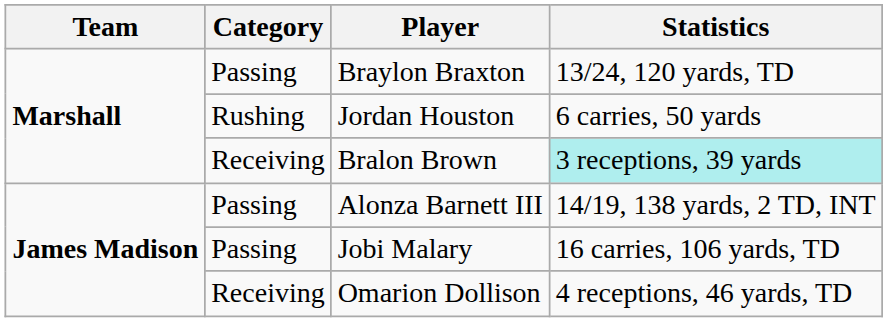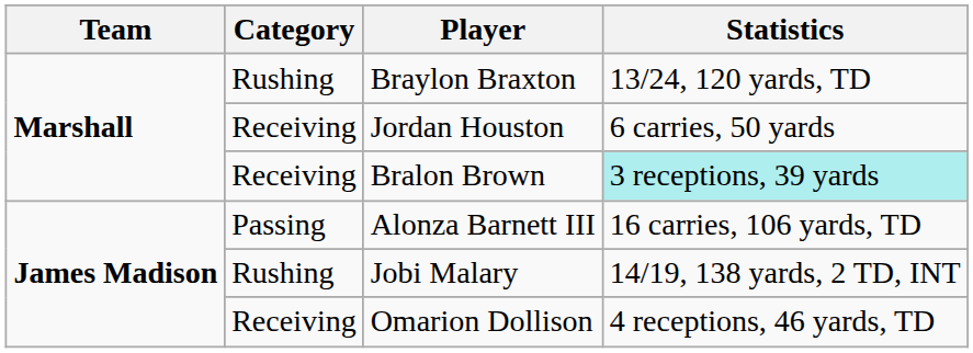 <table class="wikitable" style="float: right;">
 <tr>
 <th>Team</th>
 <th>Category</th>
 <th>Player</th>
 <th>Statistics</th>
 </tr>
 <tr>
 <td rowspan=3><strong>Marshall</strong></td>
-<td>Passing</td>
+<td>Rushing</td>
 <td>Braylon Braxton</td>
 <td>13/24, 120 yards, TD</td>
 </tr>
 <tr>
-<td>Rushing</td>
+<td>Receiving</td>
 <td>Jordan Houston</td>
 <td>6 carries, 50 yards</td>
 </tr>
 <tr>
 <td>Receiving</td>
 <td>Bralon Brown</td>
 <td style="background: paleturquoise;">3 receptions, 39 yards</td>
 </tr>
 <tr>
 <td rowspan=3><strong>James Madison</strong></td>
 <td>Passing</td>
 <td>Alonza Barnett III</td>
-<td>14/19, 138 yards, 2 TD, INT</td>
+<td>16 carries, 106 yards, TD</td>
 </tr>
 <tr>
-<td>Passing</td>
+<td>Rushing</td>
 <td>Jobi Malary</td>
-<td>16 carries, 106 yards, TD</td>
+<td>14/19, 138 yards, 2 TD, INT</td>
 </tr>
 <tr>
 <td>Receiving</td>
 <td>Omarion Dollison</td>
 <td>4 receptions, 46 yards, TD</td>
 </tr>
 </table>
